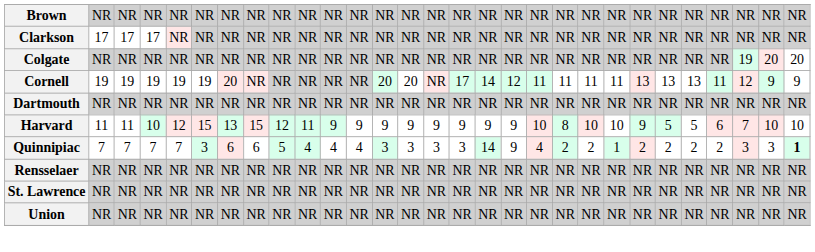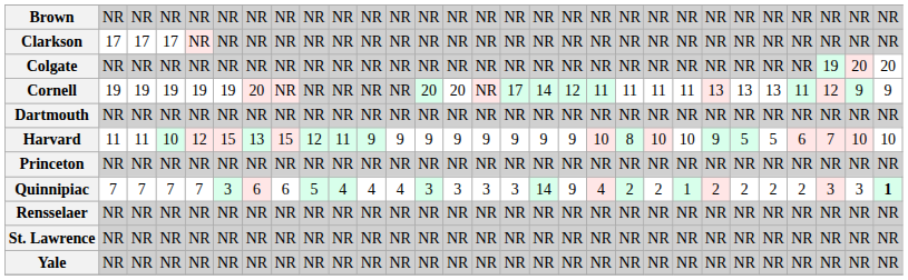 <table class="wikitable sortable" style="text-align: center;">
 <tr>
 </tr>
 <tr bgcolor=d0d0d0>
 <th>Brown</th>
 <td>NR</td>
 <td>NR</td>
 <td>NR</td>
 <td>NR</td>
 <td>NR</td>
 <td>NR</td>
 <td>NR</td>
 <td>NR</td>
 <td>NR</td>
 <td>NR</td>
 <td>NR</td>
 <td>NR</td>
 <td>NR</td>
 <td>NR</td>
 <td>NR</td>
 <td>NR</td>
 <td>NR</td>
 <td>NR</td>
 <td>NR</td>
 <td>NR</td>
 <td>NR</td>
 <td>NR</td>
 <td>NR</td>
 <td>NR</td>
 <td>NR</td>
 <td>NR</td>
 <td>NR</td>
 <td>NR</td>
 </tr>
 <tr bgcolor=d0d0d0>
 <th>Clarkson</th>
 <td bgcolor=ffffff>17</td>
 <td bgcolor=ffffff>17</td>
 <td bgcolor=ffffff>17</td>
 <td bgcolor=FFE6E6>NR</td>
 <td>NR</td>
 <td>NR</td>
 <td>NR</td>
 <td>NR</td>
 <td>NR</td>
 <td>NR</td>
 <td>NR</td>
 <td>NR</td>
 <td>NR</td>
 <td>NR</td>
 <td>NR</td>
 <td>NR</td>
 <td>NR</td>
 <td>NR</td>
 <td>NR</td>
 <td>NR</td>
 <td>NR</td>
 <td>NR</td>
 <td>NR</td>
 <td>NR</td>
 <td>NR</td>
 <td>NR</td>
 <td>NR</td>
 <td>NR</td>
 </tr>
 <tr bgcolor=d0d0d0>
 <th>Colgate</th>
 <td>NR</td>
 <td>NR</td>
 <td>NR</td>
 <td>NR</td>
 <td>NR</td>
 <td>NR</td>
 <td>NR</td>
 <td>NR</td>
 <td>NR</td>
 <td>NR</td>
 <td>NR</td>
 <td>NR</td>
 <td>NR</td>
 <td>NR</td>
 <td>NR</td>
 <td>NR</td>
 <td>NR</td>
 <td>NR</td>
 <td>NR</td>
 <td>NR</td>
 <td>NR</td>
 <td>NR</td>
 <td>NR</td>
 <td>NR</td>
 <td>NR</td>
 <td bgcolor=D8FFEB>19</td>
 <td bgcolor=FFE6E6>20</td>
 <td bgcolor=ffffff>20</td>
 </tr>
 <tr bgcolor=d0d0d0>
 <th>Cornell</th>
 <td bgcolor=ffffff>19</td>
 <td bgcolor=ffffff>19</td>
 <td bgcolor=ffffff>19</td>
 <td bgcolor=ffffff>19</td>
 <td bgcolor=ffffff>19</td>
 <td bgcolor=FFE6E6>20</td>
 <td bgcolor=FFE6E6>NR</td>
 <td>NR</td>
 <td>NR</td>
 <td>NR</td>
 <td>NR</td>
 <td bgcolor=D8FFEB>20</td>
 <td bgcolor=ffffff>20</td>
 <td bgcolor=FFE6E6>NR</td>
 <td bgcolor=D8FFEB>17</td>
 <td bgcolor=D8FFEB>14</td>
 <td bgcolor=D8FFEB>12</td>
 <td bgcolor=D8FFEB>11</td>
 <td bgcolor=ffffff>11</td>
 <td bgcolor=ffffff>11</td>
 <td bgcolor=ffffff>11</td>
 <td bgcolor=FFE6E6>13</td>
 <td bgcolor=ffffff>13</td>
 <td bgcolor=ffffff>13</td>
 <td bgcolor=D8FFEB>11</td>
 <td bgcolor=FFE6E6>12</td>
 <td bgcolor=D8FFEB>9</td>
 <td bgcolor=ffffff>9</td>
 </tr>
 <tr bgcolor=d0d0d0>
 <th>Dartmouth</th>
 <td>NR</td>
 <td>NR</td>
 <td>NR</td>
 <td>NR</td>
 <td>NR</td>
 <td>NR</td>
 <td>NR</td>
 <td>NR</td>
 <td>NR</td>
 <td>NR</td>
 <td>NR</td>
 <td>NR</td>
 <td>NR</td>
 <td>NR</td>
 <td>NR</td>
 <td>NR</td>
 <td>NR</td>
 <td>NR</td>
 <td>NR</td>
 <td>NR</td>
 <td>NR</td>
 <td>NR</td>
 <td>NR</td>
 <td>NR</td>
 <td>NR</td>
 <td>NR</td>
 <td>NR</td>
 <td>NR</td>
 </tr>
 <tr bgcolor=d0d0d0>
 <th>Harvard</th>
 <td bgcolor=ffffff>11</td>
 <td bgcolor=ffffff>11</td>
 <td bgcolor=D8FFEB>10</td>
 <td bgcolor=FFE6E6>12</td>
 <td bgcolor=FFE6E6>15</td>
 <td bgcolor=D8FFEB>13</td>
 <td bgcolor=FFE6E6>15</td>
 <td bgcolor=D8FFEB>12</td>
 <td bgcolor=D8FFEB>11</td>
 <td bgcolor=D8FFEB>9</td>
 <td bgcolor=ffffff>9</td>
 <td bgcolor=ffffff>9</td>
 <td bgcolor=ffffff>9</td>
 <td bgcolor=ffffff>9</td>
 <td bgcolor=ffffff>9</td>
 <td bgcolor=ffffff>9</td>
 <td bgcolor=ffffff>9</td>
 <td bgcolor=FFE6E6>10</td>
 <td bgcolor=D8FFEB>8</td>
 <td bgcolor=FFE6E6>10</td>
 <td bgcolor=ffffff>10</td>
 <td bgcolor=D8FFEB>9</td>
 <td bgcolor=D8FFEB>5</td>
 <td bgcolor=ffffff>5</td>
 <td bgcolor=FFE6E6>6</td>
 <td bgcolor=FFE6E6>7</td>
 <td bgcolor=FFE6E6>10</td>
 <td bgcolor=ffffff>10</td>
 </tr>
 <tr bgcolor=d0d0d0>
+<th>Princeton</th>
+<td>NR</td>
+<td>NR</td>
+<td>NR</td>
+<td>NR</td>
+<td>NR</td>
+<td>NR</td>
+<td>NR</td>
+<td>NR</td>
+<td>NR</td>
+<td>NR</td>
+<td>NR</td>
+<td>NR</td>
+<td>NR</td>
+<td>NR</td>
+<td>NR</td>
+<td>NR</td>
+<td>NR</td>
+<td>NR</td>
+<td>NR</td>
+<td>NR</td>
+<td>NR</td>
+<td>NR</td>
+<td>NR</td>
+<td>NR</td>
+<td>NR</td>
+<td>NR</td>
+<td>NR</td>
+<td>NR</td>
+</tr>
+<tr bgcolor=d0d0d0>
 <th>Quinnipiac</th>
 <td bgcolor=ffffff>7</td>
 <td bgcolor=ffffff>7</td>
 <td bgcolor=ffffff>7</td>
 <td bgcolor=ffffff>7</td>
 <td bgcolor=D8FFEB>3</td>
 <td bgcolor=FFE6E6>6</td>
 <td bgcolor=ffffff>6</td>
 <td bgcolor=D8FFEB>5</td>
 <td bgcolor=D8FFEB>4</td>
 <td bgcolor=ffffff>4</td>
 <td bgcolor=ffffff>4</td>
 <td bgcolor=D8FFEB>3</td>
 <td bgcolor=ffffff>3</td>
 <td bgcolor=ffffff>3</td>
 <td bgcolor=ffffff>3</td>
 <td bgcolor=D8FFEB>14</td>
 <td bgcolor=ffffff>9</td>
 <td bgcolor=FFE6E6>4</td>
 <td bgcolor=D8FFEB>2</td>
 <td bgcolor=ffffff>2</td>
 <td bgcolor=D8FFEB>1</td>
 <td bgcolor=FFE6E6>2</td>
 <td bgcolor=ffffff>2</td>
 <td bgcolor=ffffff>2</td>
 <td bgcolor=ffffff>2</td>
 <td bgcolor=FFE6E6>3</td>
 <td bgcolor=ffffff>3</td>
 <td bgcolor=D8FFEB><strong>1</strong></td>
 </tr>
 <tr bgcolor=d0d0d0>
 <th>Rensselaer</th>
 <td>NR</td>
 <td>NR</td>
 <td>NR</td>
 <td>NR</td>
 <td>NR</td>
 <td>NR</td>
 <td>NR</td>
 <td>NR</td>
 <td>NR</td>
 <td>NR</td>
 <td>NR</td>
 <td>NR</td>
 <td>NR</td>
 <td>NR</td>
 <td>NR</td>
 <td>NR</td>
 <td>NR</td>
 <td>NR</td>
 <td>NR</td>
 <td>NR</td>
 <td>NR</td>
 <td>NR</td>
 <td>NR</td>
 <td>NR</td>
 <td>NR</td>
 <td>NR</td>
 <td>NR</td>
 <td>NR</td>
 </tr>
 <tr bgcolor=d0d0d0>
 <th>St. Lawrence</th>
 <td>NR</td>
 <td>NR</td>
 <td>NR</td>
 <td>NR</td>
 <td>NR</td>
 <td>NR</td>
 <td>NR</td>
 <td>NR</td>
 <td>NR</td>
 <td>NR</td>
 <td>NR</td>
 <td>NR</td>
 <td>NR</td>
 <td>NR</td>
 <td>NR</td>
 <td>NR</td>
 <td>NR</td>
 <td>NR</td>
 <td>NR</td>
 <td>NR</td>
 <td>NR</td>
 <td>NR</td>
 <td>NR</td>
 <td>NR</td>
 <td>NR</td>
 <td>NR</td>
 <td>NR</td>
 <td>NR</td>
 </tr>
 <tr bgcolor=d0d0d0>
-<th>Union</th>
+<th>Yale</th>
 <td>NR</td>
 <td>NR</td>
 <td>NR</td>
 <td>NR</td>
 <td>NR</td>
 <td>NR</td>
 <td>NR</td>
 <td>NR</td>
 <td>NR</td>
 <td>NR</td>
 <td>NR</td>
 <td>NR</td>
 <td>NR</td>
 <td>NR</td>
 <td>NR</td>
 <td>NR</td>
 <td>NR</td>
 <td>NR</td>
 <td>NR</td>
 <td>NR</td>
 <td>NR</td>
 <td>NR</td>
 <td>NR</td>
 <td>NR</td>
 <td>NR</td>
 <td>NR</td>
 <td>NR</td>
 <td>NR</td>
 </tr>
 <tr>
 </tr>
 </table>
